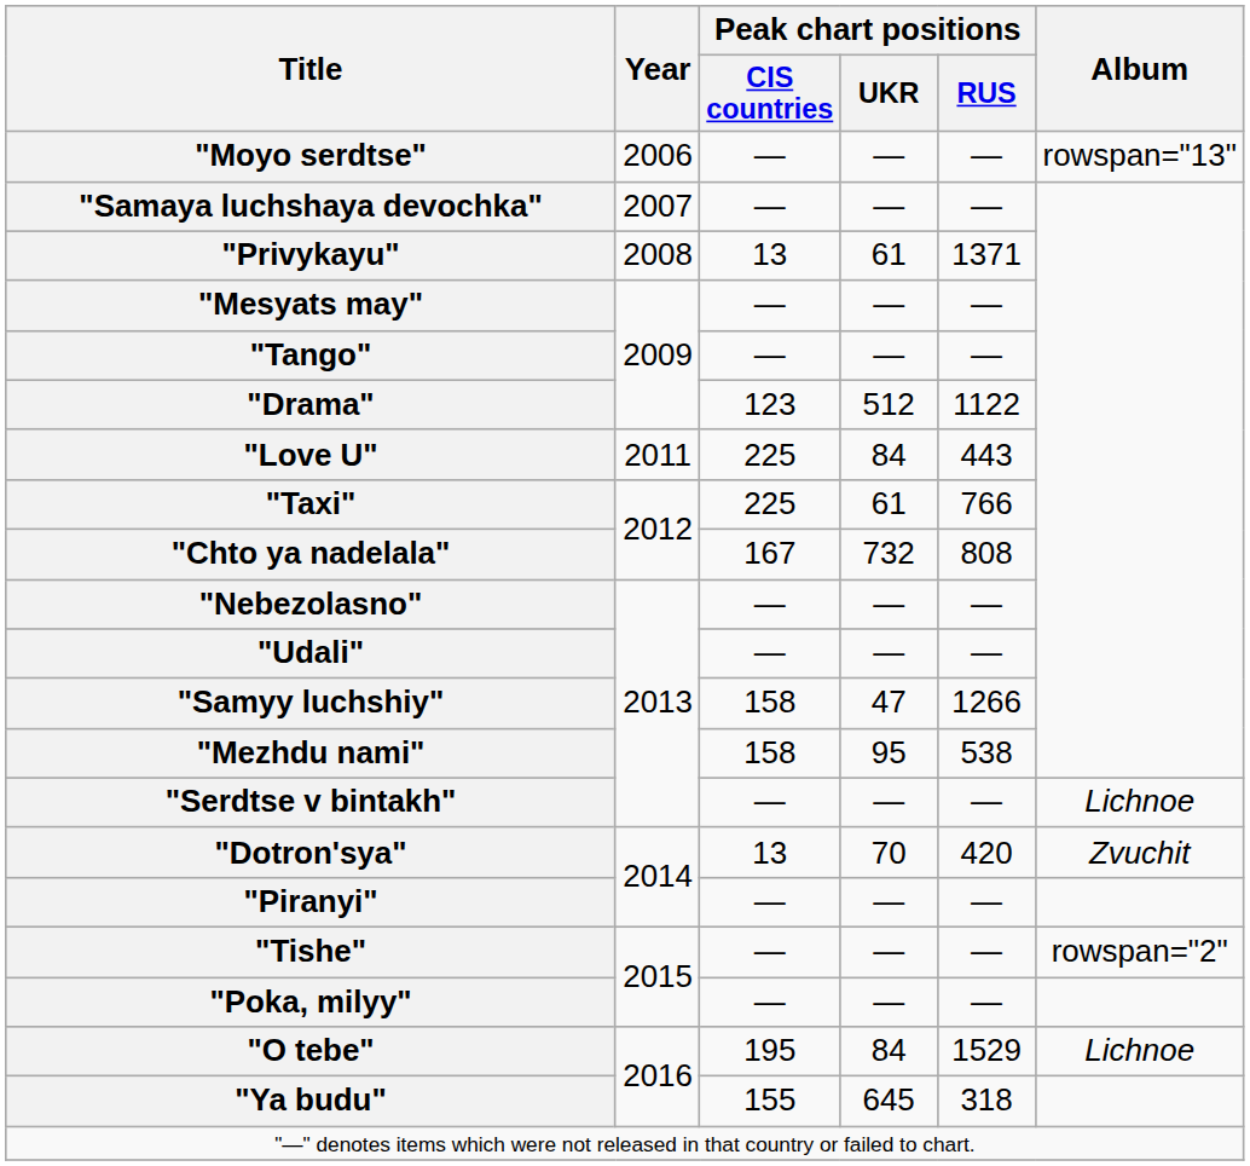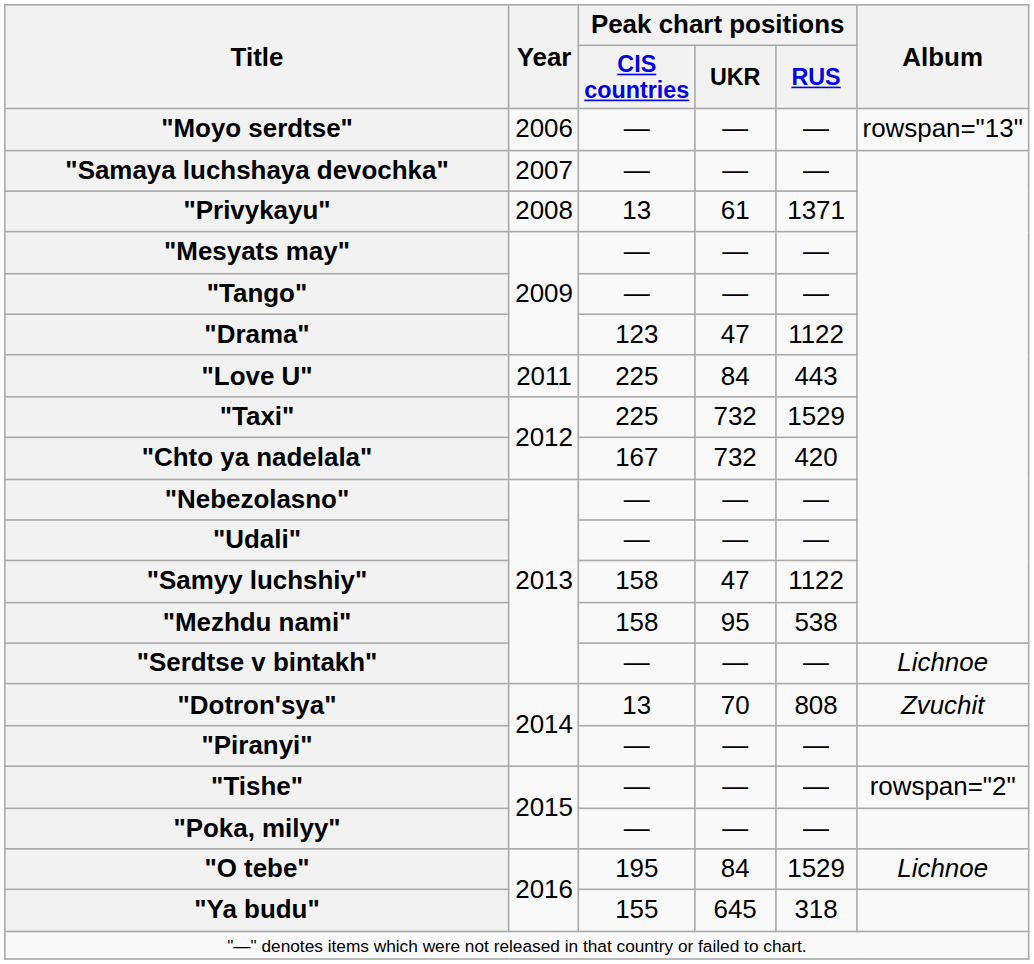 <table class="wikitable plainrowheaders" style="text-align:center;">
 <tr>
 <th scope="col" rowspan="2" style="width:19em;">Title</th>
 <th scope="col" rowspan="2">Year</th>
 <th scope="col" colspan="3">Peak chart positions</th>
 <th scope="col" rowspan="2">Album</th>
 </tr>
 <tr>
 <th scope="col" style="width:3em;font-size:90%;" rowspan="1"><a href='#'>CIS<br>countries</a><br></th>
 <th scope="col" colspan="1" style="width:3em;font-size:90%;">UKR<br></th>
 <th scope="col" style="width:3em;font-size:90%;" rowspan="1"><a href='#'>RUS</a><br></th>
 </tr>
 <tr>
 <th scope="row">"Moyo serdtse" </th>
 <td>2006</td>
 <td>—</td>
 <td>—</td>
 <td>—</td>
 <td>rowspan="13" </td>
 </tr>
 <tr>
 <th scope="row">"Samaya luchshaya devochka" </th>
 <td>2007</td>
 <td>—</td>
 <td>—</td>
 <td>—</td>
 </tr>
 <tr>
 <th scope="row">"Privykayu" </th>
 <td>2008</td>
 <td>13</td>
 <td>61</td>
 <td>1371</td>
 </tr>
 <tr>
 <th scope="row">"Mesyats may" </th>
 <td rowspan="3">2009</td>
 <td>—</td>
 <td>—</td>
 <td>—</td>
 </tr>
 <tr>
 <th scope="row">"Tango" </th>
 <td>—</td>
 <td>—</td>
 <td>—</td>
 </tr>
 <tr>
 <th scope="row">"Drama" </th>
 <td>123</td>
-<td>512</td>
+<td>47</td>
 <td>1122</td>
 </tr>
 <tr>
 <th scope="row">"Love U"</th>
 <td>2011</td>
 <td>225</td>
 <td>84</td>
 <td>443</td>
 </tr>
 <tr>
 <th scope="row">"Taxi" </th>
 <td rowspan="2">2012</td>
 <td>225</td>
-<td>61</td>
-<td>766</td>
+<td>732</td>
+<td>1529</td>
 </tr>
 <tr>
 <th scope="row">"Chto ya nadelala" </th>
 <td>167</td>
 <td>732</td>
-<td>808</td>
+<td>420</td>
 </tr>
 <tr>
 <th scope="row">"Nebezolasno" <br></th>
 <td rowspan="5">2013</td>
 <td>—</td>
 <td>—</td>
 <td>—</td>
 </tr>
 <tr>
 <th scope="row">"Udali" </th>
 <td>—</td>
 <td>—</td>
 <td>—</td>
 </tr>
 <tr>
 <th scope="row">"Samyy luchshiy" </th>
 <td>158</td>
 <td>47</td>
-<td>1266</td>
+<td>1122</td>
 </tr>
 <tr>
 <th scope="row">"Mezhdu nami" <br></th>
 <td>158</td>
 <td>95</td>
 <td>538</td>
 </tr>
 <tr>
 <th scope="row">"Serdtse v bintakh" </th>
 <td>—</td>
 <td>—</td>
 <td>—</td>
 <td><em>Lichnoe</em></td>
 </tr>
 <tr>
 <th scope="row">"Dotron'sya" </th>
 <td rowspan="2">2014</td>
 <td>13</td>
 <td>70</td>
-<td>420</td>
+<td>808</td>
 <td><em>Zvuchit</em><br></td>
 </tr>
 <tr>
 <th scope="row">"Piranyi" </th>
 <td>—</td>
 <td>—</td>
 <td>—</td>
 </tr>
 <tr>
 <th scope="row">"Tishe" <br></th>
 <td rowspan="2">2015</td>
 <td>—</td>
 <td>—</td>
 <td>—</td>
 <td>rowspan="2" </td>
 </tr>
 <tr>
 <th scope="row">"Poka, milyy" </th>
 <td>—</td>
 <td>—</td>
 <td>—</td>
 <td></td>
 </tr>
 <tr>
 <th scope="row">"O tebe" </th>
 <td rowspan="2">2016</td>
 <td>195</td>
 <td>84</td>
 <td>1529</td>
 <td><em>Lichnoe</em></td>
 </tr>
 <tr>
 <th scope="row">"Ya budu" </th>
 <td>155</td>
 <td>645</td>
 <td>318</td>
 <td></td>
 </tr>
 <tr>
 <td colspan="11" style="font-size:8pt;">"—" denotes items which were not released in that country or failed to chart.</td>
 </tr>
 </table>
